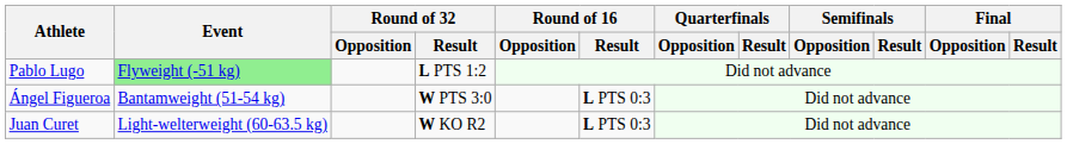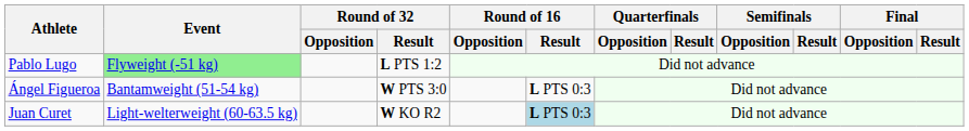 <table class="wikitable" style="font-size:90%">
 <tr>
 <th rowspan="2">Athlete</th>
 <th rowspan="2">Event</th>
 <th colspan="2">Round of 32</th>
 <th colspan="2">Round of 16</th>
 <th colspan="2">Quarterfinals</th>
 <th colspan="2">Semifinals</th>
 <th colspan="3">Final</th>
 </tr>
 <tr>
 <th>Opposition</th>
 <th>Result</th>
 <th>Opposition</th>
 <th>Result</th>
 <th>Opposition</th>
 <th>Result</th>
 <th>Opposition</th>
 <th>Result</th>
 <th>Opposition</th>
 <th>Result</th>
 </tr>
 <tr>
 <td><a href='#'>Pablo Lugo</a></td>
 <td style="background: lightgreen;"><a href='#'>Flyweight (-51 kg)</a></td>
 <td></td>
 <td><strong>L</strong> PTS 1:2</td>
 <td align=center colspan="8" bgcolor="honeydew">Did not advance</td>
 </tr>
 <tr>
 <td><a href='#'>Ángel Figueroa</a></td>
 <td><a href='#'>Bantamweight (51-54 kg)</a></td>
 <td></td>
 <td><strong>W</strong> PTS 3:0</td>
 <td></td>
 <td><strong>L</strong> PTS 0:3</td>
 <td align=center colspan="6" bgcolor="honeydew">Did not advance</td>
 </tr>
 <tr>
 <td><a href='#'>Juan Curet</a></td>
 <td><a href='#'>Light-welterweight (60-63.5 kg)</a></td>
 <td></td>
 <td><strong>W</strong> KO R2</td>
 <td></td>
-<td><strong>L</strong> PTS 0:3</td>
+<td style="background: lightblue;"><strong>L</strong> PTS 0:3</td>
 <td align=center colspan="6" bgcolor="honeydew">Did not advance</td>
 </tr>
 </table>
